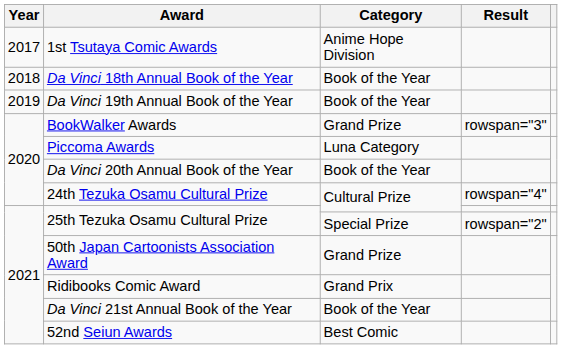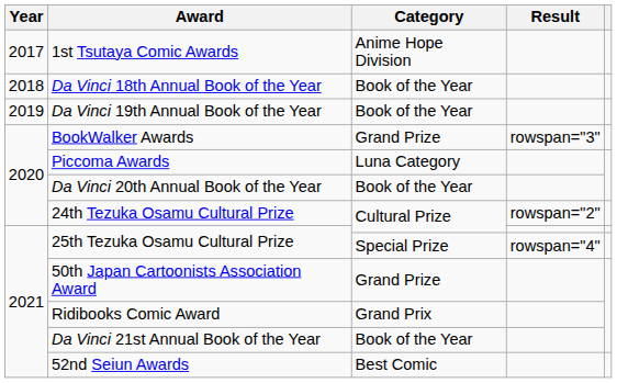 <table class="wikitable plainrowheaders sortable">
 <tr>
 <th scope="col">Year</th>
 <th scope="col">Award</th>
 <th scope="col">Category</th>
 <th scope="col">Result</th>
 <th scope="col" class="unsortable"></th>
 </tr>
 <tr>
 <td align="center">2017</td>
 <td>1st <a href='#'>Tsutaya Comic Awards</a></td>
 <td>Anime Hope Division</td>
 <td></td>
 <td align="center"></td>
 </tr>
 <tr>
 <td align="center">2018</td>
 <td><a href='#'><em>Da Vinci</em> 18th Annual Book of the Year</a></td>
 <td>Book of the Year</td>
 <td></td>
 <td align="center"></td>
 </tr>
 <tr>
 <td align="center">2019</td>
 <td><em>Da Vinci</em> 19th Annual Book of the Year</td>
 <td>Book of the Year</td>
 <td></td>
 <td align="center"></td>
 </tr>
 <tr>
 <td align="center" rowspan="4">2020</td>
 <td><a href='#'>BookWalker</a> Awards</td>
 <td>Grand Prize</td>
 <td>rowspan="3" </td>
 <td align="center"></td>
 </tr>
 <tr>
 <td><a href='#'>Piccoma Awards</a></td>
 <td>Luna Category</td>
 <td align="center"></td>
 </tr>
 <tr>
 <td><em>Da Vinci</em> 20th Annual Book of the Year</td>
 <td>Book of the Year</td>
 <td align="center"></td>
 </tr>
 <tr>
 <td>24th <a href='#'>Tezuka Osamu Cultural Prize</a></td>
 <td rowspan="2">Cultural Prize</td>
-<td>rowspan="4" </td>
+<td>rowspan="2" </td>
 <td align="center"></td>
 </tr>
 <tr>
 <td align="center" rowspan="6">2021</td>
 <td rowspan="2">25th Tezuka Osamu Cultural Prize</td>
 <td align="center"></td>
 </tr>
 <tr>
 <td>Special Prize</td>
-<td>rowspan="2" </td>
+<td>rowspan="4" </td>
 <td align="center"></td>
 </tr>
 <tr>
 <td>50th <a href='#'>Japan Cartoonists Association Award</a></td>
 <td>Grand Prize</td>
 <td align="center"></td>
 </tr>
 <tr>
 <td>Ridibooks Comic Award</td>
 <td>Grand Prix</td>
 <td align="center"></td>
 </tr>
 <tr>
 <td><em>Da Vinci</em> 21st Annual Book of the Year</td>
 <td>Book of the Year</td>
 <td align="center"></td>
 </tr>
 <tr>
 <td>52nd <a href='#'>Seiun Awards</a></td>
 <td>Best Comic</td>
 <td></td>
 <td align="center"></td>
 </tr>
 </table>
